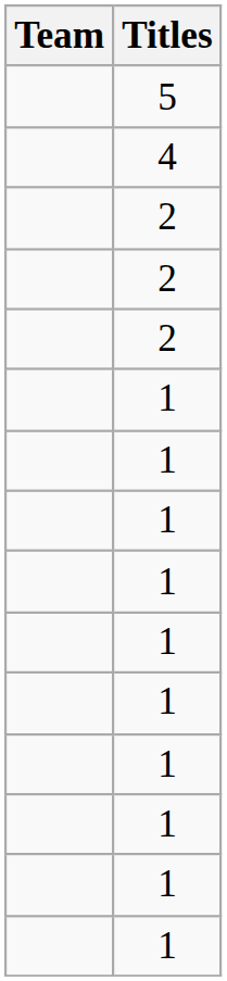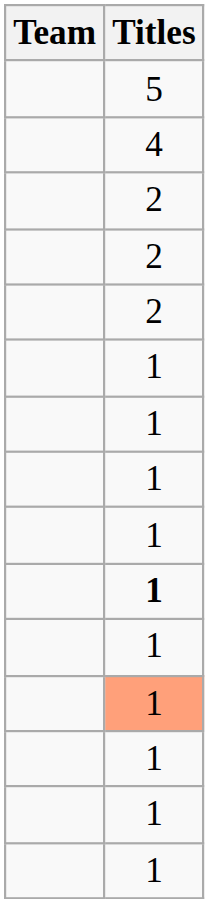 <table class="wikitable sortable" style="text-align:center">
 <tr>
 <th>Team</th>
 <th>Titles</th>
 </tr>
 <tr>
 <td style=><em></em></td>
 <td>5</td>
 </tr>
 <tr>
 <td style=><em></em></td>
 <td>4</td>
 </tr>
 <tr>
 <td style=><em></em></td>
 <td>2</td>
 </tr>
 <tr>
 <td style=><em></em></td>
 <td>2</td>
 </tr>
 <tr>
 <td style=><em></em></td>
 <td>2</td>
 </tr>
 <tr>
 <td style=><em></em></td>
 <td>1</td>
 </tr>
 <tr>
 <td style=><em></em></td>
 <td>1</td>
 </tr>
 <tr>
 <td style=><em></em></td>
 <td>1</td>
 </tr>
 <tr>
 <td style=><em></em></td>
 <td>1</td>
 </tr>
 <tr>
 <td style=><em></em></td>
-<td>1</td>
+<td><strong>1</strong></td>
 </tr>
 <tr>
 <td style=><em></em></td>
 <td>1</td>
 </tr>
 <tr>
 <td style=><em></em></td>
-<td>1</td>
+<td style="background: lightsalmon;">1</td>
 </tr>
 <tr>
 <td style=><em></em></td>
 <td>1</td>
 </tr>
 <tr>
 <td style=><em></em></td>
 <td>1</td>
 </tr>
 <tr>
 <td style=><em></em></td>
 <td>1</td>
 </tr>
 </table>
